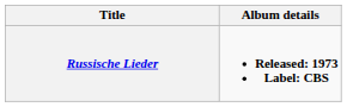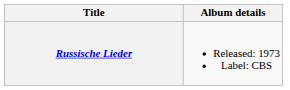 <table class="wikitable plainrowheaders" style="text-align:center;">
 <tr>
 <th scope="col" style="width:16em;">Title</th>
 <th scope="col">Album details</th>
 </tr>
 <tr>
 <th scope="row"><em><a href='#'>Russische Lieder</a></em></th>
-<td><strong><br><ul><li>Released: 1973</li><li>Label: CBS</li></ul></strong></td>
+<td><br><ul><li>Released: 1973</li><li>Label: CBS</li></ul></td>
 </tr>
 </table>
